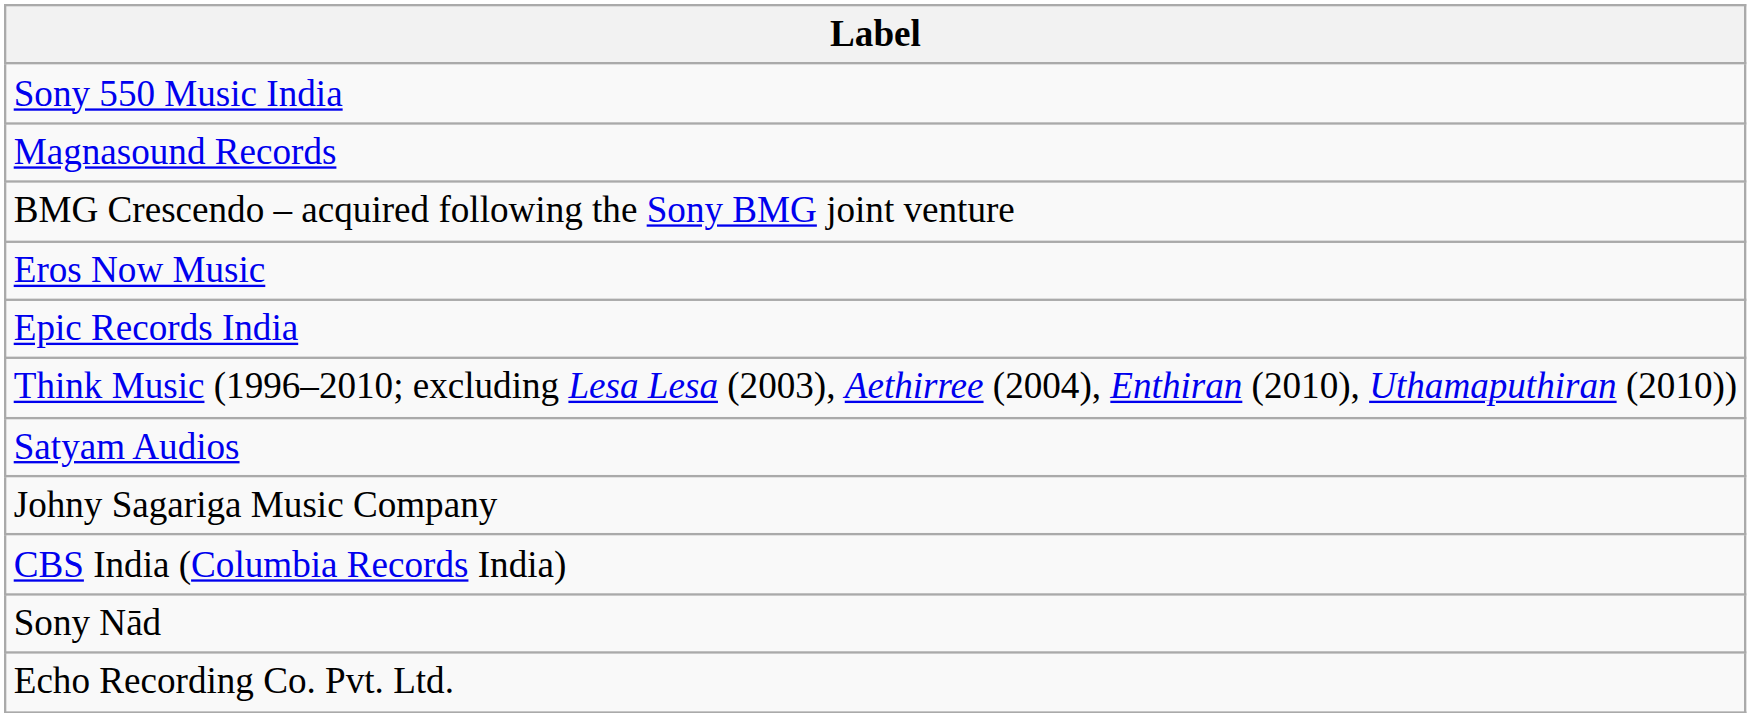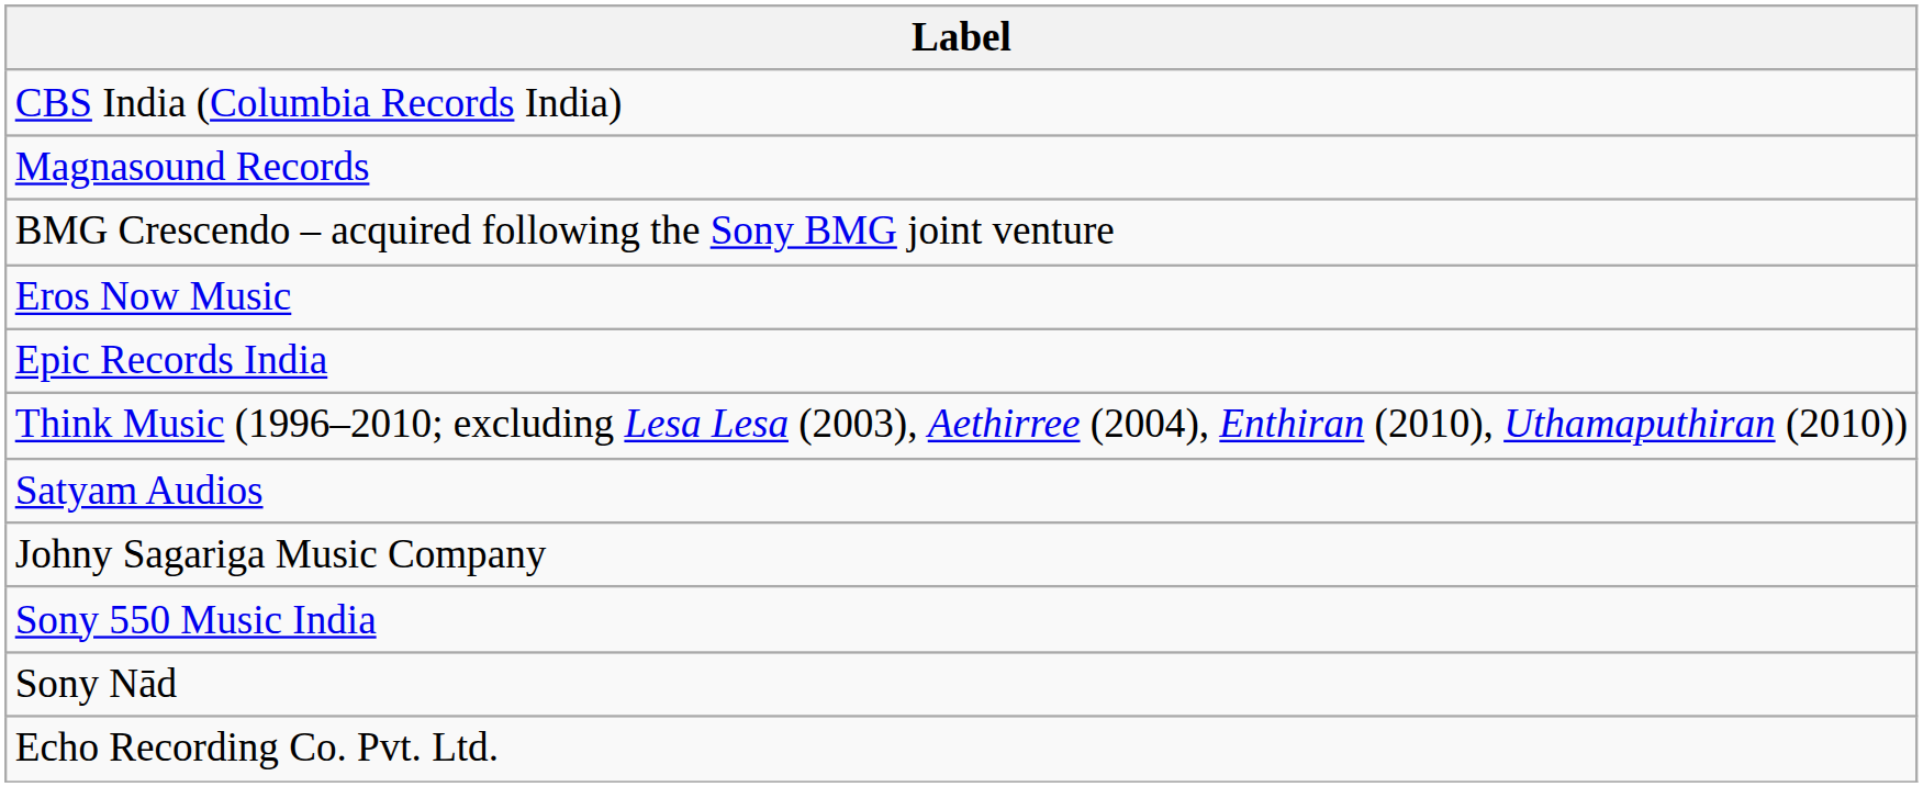 <table class="wikitable">
 <tr>
 <th>Label</th>
 </tr>
 <tr>
-<td><a href='#'>Sony 550 Music India</a></td>
+<td><a href='#'>CBS</a> India (<a href='#'>Columbia Records</a> India)</td>
 </tr>
 <tr>
 <td><a href='#'>Magnasound Records</a></td>
 </tr>
 <tr>
 <td>BMG Crescendo – acquired following the <a href='#'>Sony BMG</a> joint venture</td>
 </tr>
 <tr>
 <td><a href='#'>Eros Now Music</a></td>
 </tr>
 <tr>
 <td><a href='#'>Epic Records India</a></td>
 </tr>
 <tr>
 <td><a href='#'>Think Music</a> (1996–2010; excluding <em><a href='#'>Lesa Lesa</a></em> (2003), <em><a href='#'>Aethirree</a></em> (2004), <em><a href='#'>Enthiran</a></em> (2010), <em><a href='#'>Uthamaputhiran</a></em> (2010))</td>
 </tr>
 <tr>
 <td><a href='#'>Satyam Audios</a></td>
 </tr>
 <tr>
 <td>Johny Sagariga Music Company</td>
 </tr>
 <tr>
-<td><a href='#'>CBS</a> India (<a href='#'>Columbia Records</a> India)</td>
+<td><a href='#'>Sony 550 Music India</a></td>
 </tr>
 <tr>
 <td>Sony Nād</td>
 </tr>
 <tr>
 <td>Echo Recording Co. Pvt. Ltd.</td>
 </tr>
 <tr>
 </tr>
 </table>
